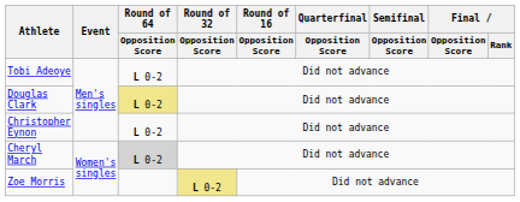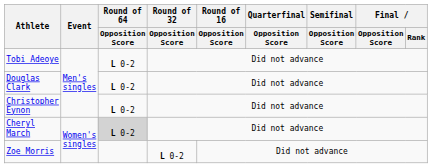 <table class=wikitable style="font-size:90%">
 <tr>
 <th rowspan=2>Athlete</th>
 <th rowspan=2>Event</th>
 <th>Round of 64</th>
 <th>Round of 32</th>
 <th>Round of 16</th>
 <th>Quarterfinal</th>
 <th>Semifinal</th>
 <th colspan=2>Final / </th>
 </tr>
 <tr style="font-size:95%">
 <th>Opposition<br>Score</th>
 <th>Opposition<br>Score</th>
 <th>Opposition<br>Score</th>
 <th>Opposition<br>Score</th>
 <th>Opposition<br>Score</th>
 <th>Opposition<br>Score</th>
 <th>Rank</th>
 </tr>
 <tr align=center>
 <td align=left><a href='#'>Tobi Adeoye</a></td>
 <td align=left rowspan=3><a href='#'>Men's singles</a></td>
 <td><br> <strong>L</strong> 0-2</td>
 <td Colspan=6>Did not advance</td>
 </tr>
 <tr align=center>
 <td align=left><a href='#'>Douglas Clark</a></td>
-<td style="background: khaki;"><br> <strong>L</strong> 0-2</td>
+<td><br> <strong>L</strong> 0-2</td>
 <td Colspan=6>Did not advance</td>
 </tr>
 <tr align=center>
 <td align=left><a href='#'>Christopher Eynon</a></td>
 <td><br> <strong>L</strong> 0-2</td>
 <td Colspan=6>Did not advance</td>
 </tr>
 <tr align=center>
 <td align=left><a href='#'>Cheryl March</a></td>
 <td align=left rowspan=2><a href='#'>Women's singles</a></td>
 <td style="background: lightgrey;"><br> <strong>L</strong> 0-2</td>
 <td Colspan=6>Did not advance</td>
 </tr>
 <tr align=center>
 <td align=left><a href='#'>Zoe Morris</a></td>
 <td></td>
-<td style="background: khaki;"><br> <strong>L</strong> 0-2</td>
+<td><br> <strong>L</strong> 0-2</td>
 <td Colspan=6>Did not advance</td>
 </tr>
 </table>
